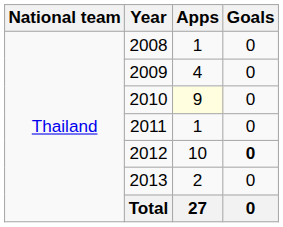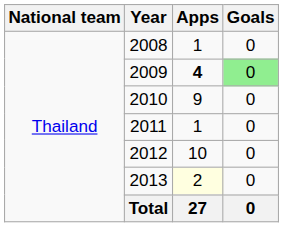 <table class="wikitable" style="text-align:center">
 <tr>
 <th>National team</th>
 <th>Year</th>
 <th>Apps</th>
 <th>Goals</th>
 </tr>
 <tr>
 <td rowspan="7" valign="center"><a href='#'>Thailand</a></td>
 <td>2008</td>
 <td>1</td>
 <td>0</td>
 </tr>
 <tr>
 <td>2009</td>
-<td>4</td>
-<td>0</td>
+<td><strong>4</strong></td>
+<td style="background: lightgreen;">0</td>
 </tr>
 <tr>
 <td>2010</td>
-<td style="background: lightyellow;">9</td>
+<td>9</td>
 <td>0</td>
 </tr>
 <tr>
 <td>2011</td>
 <td>1</td>
 <td>0</td>
 </tr>
 <tr>
 <td>2012</td>
 <td>10</td>
-<td><strong>0</strong></td>
+<td>0</td>
 </tr>
 <tr>
 <td>2013</td>
-<td>2</td>
+<td style="background: lightyellow;">2</td>
 <td>0</td>
 </tr>
 <tr>
 <th>Total</th>
 <th>27</th>
 <th>0</th>
 </tr>
 </table>
